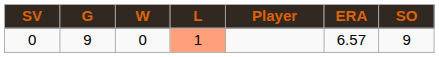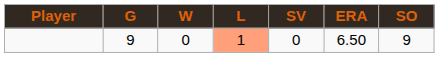 <table class="wikitable sortable">
 <tr>
-<th style="background:#312821;color:#de6108;" width="9%">SV</th>
+<th style="background:#312821;color:#de6108;" width="16%">Player</th>
 <th style="background:#312821;color:#de6108;" width="9%">G</th>
 <th style="background:#312821;color:#de6108;" width="9%">W</th>
 <th style="background:#312821;color:#de6108;" width="9%">L</th>
-<th style="background:#312821;color:#de6108;" width="16%">Player</th>
+<th style="background:#312821;color:#de6108;" width="9%">SV</th>
 <th style="background:#312821;color:#de6108;" width="9%">ERA</th>
 <th style="background:#312821;color:#de6108;" width="9%">SO</th>
 </tr>
 <tr align="center">
-<td>0</td>
+<td></td>
 <td>9</td>
 <td>0</td>
 <td style="background: lightsalmon;">1</td>
-<td></td>
-<td>6.57</td>
+<td>0</td>
+<td>6.50</td>
 <td>9</td>
 </tr>
 </table>
